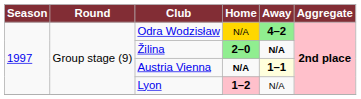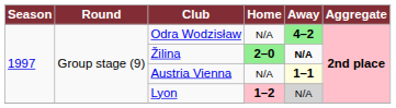 <table class="wikitable" style="text-align: center;">
 <tr>
 <th style="background:#822d35;color:#fefefe;border:1px solid #a6a7a9">Season</th>
 <th style="background:#822d35;color:#fefefe;border:1px solid #a6a7a9">Round</th>
 <th style="background:#822d35;color:#fefefe;border:1px solid #a6a7a9">Club</th>
 <th style="background:#822d35;color:#fefefe;border:1px solid #a6a7a9">Home</th>
 <th style="background:#822d35;color:#fefefe;border:1px solid #a6a7a9">Away</th>
 <th style="background:#822d35;color:#fefefe;border:1px solid #a6a7a9">Aggregate</th>
 </tr>
 <tr>
 <td rowspan=4 align=left><a href='#'>1997</a></td>
 <td rowspan=4 align=left>Group stage (9)</td>
 <td align=left> <a href='#'>Odra Wodzisław</a></td>
-<td style="background: gold;"><span><small>N/A</small></span></td>
+<td><span><small>N/A</small></span></td>
 <td bgcolor=lightgreen style="text-align:center;"><strong>4–2</strong></td>
 <td rowspan="4" bgcolor=pink style="text-align:center;"><strong>2nd place</strong></td>
 </tr>
 <tr>
 <td align=left> <a href='#'>Žilina</a></td>
 <td bgcolor=lightgreen style="text-align:center;"><strong>2–0</strong></td>
 <td><strong><span><small>N/A</small></span></strong></td>
 </tr>
 <tr>
 <td align=left> <a href='#'>Austria Vienna</a></td>
-<td><strong><span><small>N/A</small></span></strong></td>
+<td><span><small>N/A</small></span></td>
 <td bgcolor="#ffffdd"><strong>1–1</strong></td>
 </tr>
 <tr>
 <td align=left> <a href='#'>Lyon</a></td>
 <td rowspan="4" bgcolor=pink style="text-align:center;"><strong>1–2</strong></td>
-<td><span><small>N/A</small></span></td>
+<td style="background: lightgrey;"><span><small>N/A</small></span></td>
 </tr>
 <tr>
 </tr>
 </table>
